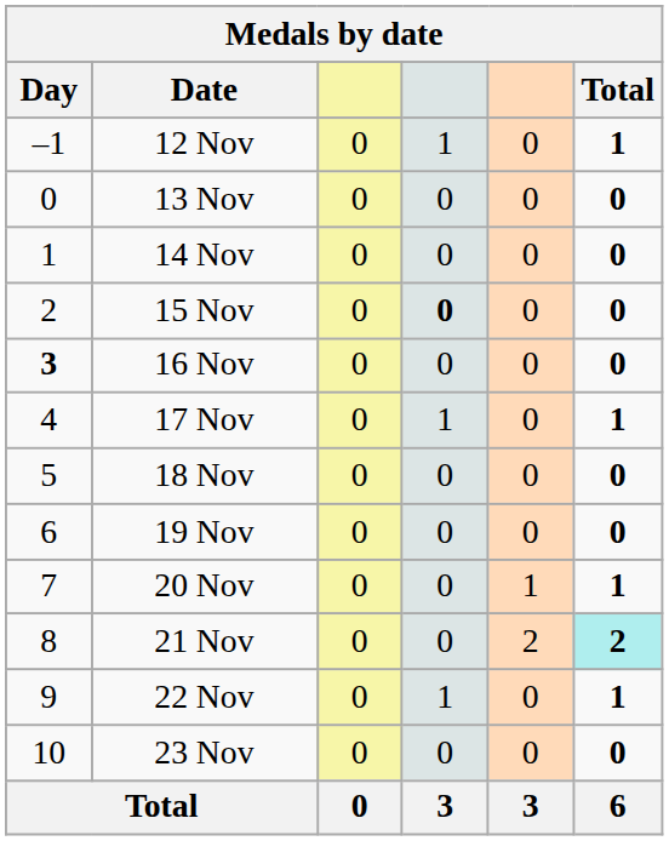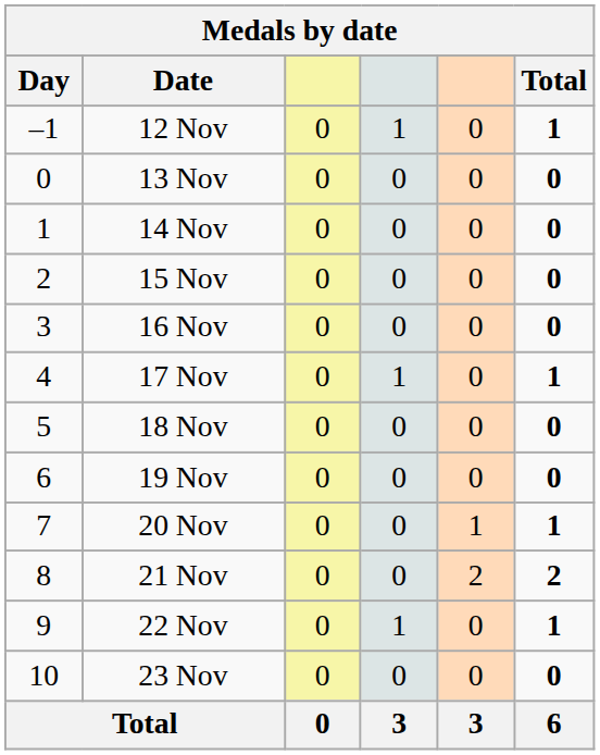 <table class="wikitable" style="font-size:90%; text-align:center;">
 <tr style="background:#efefef;">
 <th colspan=6><strong>Medals by date</strong></th>
 </tr>
 <tr>
 <th width=30><strong>Day</strong></th>
 <th width=90><strong>Date</strong></th>
 <th width=30 style="background:#F7F6A8;"></th>
 <th width=30 style="background:#DCE5E5;"></th>
 <th width=30 style="background:#FFDAB9;"></th>
 <th width=30><strong>Total</strong></th>
 </tr>
 <tr>
 <td>–1</td>
 <td>12 Nov</td>
 <td style="background:#F7F6A8;">0</td>
 <td style="background:#DCE5E5;">1</td>
 <td style="background:#FFDAB9;">0</td>
 <td><strong>1</strong></td>
 </tr>
 <tr>
 <td>0</td>
 <td>13 Nov</td>
 <td style="background:#F7F6A8;">0</td>
 <td style="background:#DCE5E5;">0</td>
 <td style="background:#FFDAB9;">0</td>
 <td><strong>0</strong></td>
 </tr>
 <tr>
 <td>1</td>
 <td>14 Nov</td>
 <td style="background:#F7F6A8;">0</td>
 <td style="background:#DCE5E5;">0</td>
 <td style="background:#FFDAB9;">0</td>
 <td><strong>0</strong></td>
 </tr>
 <tr>
 <td>2</td>
 <td>15 Nov</td>
 <td style="background:#F7F6A8;">0</td>
-<td style="background:#DCE5E5;"><strong>0</strong></td>
+<td style="background:#DCE5E5;">0</td>
 <td style="background:#FFDAB9;">0</td>
 <td><strong>0</strong></td>
 </tr>
 <tr>
-<td><strong>3</strong></td>
+<td>3</td>
 <td>16 Nov</td>
 <td style="background:#F7F6A8;">0</td>
 <td style="background:#DCE5E5;">0</td>
 <td style="background:#FFDAB9;">0</td>
 <td><strong>0</strong></td>
 </tr>
 <tr>
 <td>4</td>
 <td>17 Nov</td>
 <td style="background:#F7F6A8;">0</td>
 <td style="background:#DCE5E5;">1</td>
 <td style="background:#FFDAB9;">0</td>
 <td><strong>1</strong></td>
 </tr>
 <tr>
 <td>5</td>
 <td>18 Nov</td>
 <td style="background:#F7F6A8;">0</td>
 <td style="background:#DCE5E5;">0</td>
 <td style="background:#FFDAB9;">0</td>
 <td><strong>0</strong></td>
 </tr>
 <tr>
 <td>6</td>
 <td>19 Nov</td>
 <td style="background:#F7F6A8;">0</td>
 <td style="background:#DCE5E5;">0</td>
 <td style="background:#FFDAB9;">0</td>
 <td><strong>0</strong></td>
 </tr>
 <tr>
 <td>7</td>
 <td>20 Nov</td>
 <td style="background:#F7F6A8;">0</td>
 <td style="background:#DCE5E5;">0</td>
 <td style="background:#FFDAB9;">1</td>
 <td><strong>1</strong></td>
 </tr>
 <tr>
 <td>8</td>
 <td>21 Nov</td>
 <td style="background:#F7F6A8;">0</td>
 <td style="background:#DCE5E5;">0</td>
 <td style="background:#FFDAB9;">2</td>
-<td style="background: paleturquoise;"><strong>2</strong></td>
+<td><strong>2</strong></td>
 </tr>
 <tr>
 <td>9</td>
 <td>22 Nov</td>
 <td style="background:#F7F6A8;">0</td>
 <td style="background:#DCE5E5;">1</td>
 <td style="background:#FFDAB9;">0</td>
 <td><strong>1</strong></td>
 </tr>
 <tr>
 <td>10</td>
 <td>23 Nov</td>
 <td style="background:#F7F6A8;">0</td>
 <td style="background:#DCE5E5;">0</td>
 <td style="background:#FFDAB9;">0</td>
 <td><strong>0</strong></td>
 </tr>
 <tr>
 <th colspan="2"><strong>Total</strong></th>
 <th><strong>0</strong></th>
 <th><strong>3</strong></th>
 <th><strong>3</strong></th>
 <th><strong>6</strong></th>
 </tr>
 </table>
